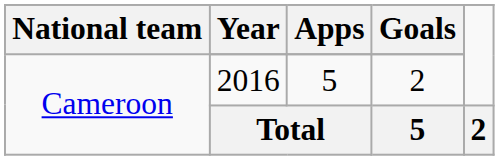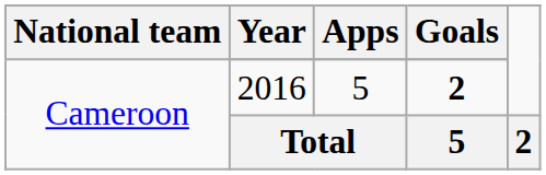 <table class="wikitable" style="text-align:center">
 <tr>
 <th>National team</th>
 <th>Year</th>
 <th>Apps</th>
 <th>Goals</th>
 </tr>
 <tr>
 <td rowspan="3"><a href='#'>Cameroon</a></td>
 </tr>
 <tr>
 <td>2016</td>
 <td>5</td>
-<td>2</td>
+<td><strong>2</strong></td>
 </tr>
 <tr>
 <th colspan=2>Total</th>
 <th>5</th>
 <th>2</th>
 </tr>
 </table>
